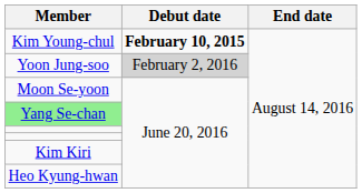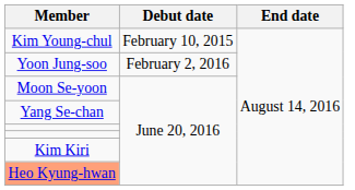 <table class="wikitable sortable" style="text-align:center;">
 <tr>
 <th>Member</th>
 <th>Debut date</th>
 <th>End date</th>
 </tr>
 <tr>
 <td><a href='#'>Kim Young-chul</a></td>
-<td><strong>February 10, 2015</strong></td>
+<td>February 10, 2015</td>
 <td rowspan=8>August 14, 2016</td>
 </tr>
 <tr>
 <td><a href='#'>Yoon Jung-soo</a></td>
-<td style="background: lightgrey;">February 2, 2016</td>
+<td>February 2, 2016</td>
 </tr>
 <tr>
 <td><a href='#'>Moon Se-yoon</a></td>
 <td rowspan=6>June 20, 2016</td>
 </tr>
 <tr>
-<td style="background: lightgreen;"><a href='#'>Yang Se-chan</a></td>
+<td><a href='#'>Yang Se-chan</a></td>
 </tr>
 <tr>
 <td></td>
 </tr>
 <tr>
 <td></td>
 </tr>
 <tr>
 <td><a href='#'>Kim Kiri</a></td>
 </tr>
 <tr>
-<td><a href='#'>Heo Kyung-hwan</a></td>
+<td style="background: lightsalmon;"><a href='#'>Heo Kyung-hwan</a></td>
 </tr>
 </table>
